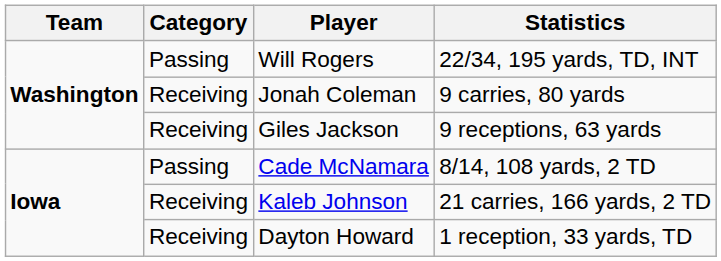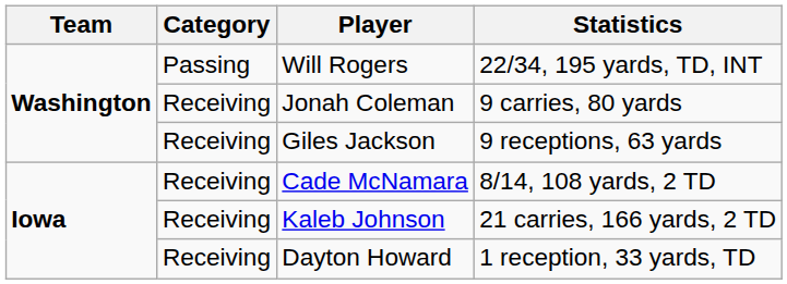 <table class="wikitable" style="float: right;">
 <tr>
 <th>Team</th>
 <th>Category</th>
 <th>Player</th>
 <th>Statistics</th>
 </tr>
 <tr>
 <td rowspan=3><strong>Washington</strong></td>
 <td>Passing</td>
 <td>Will Rogers</td>
 <td>22/34, 195 yards, TD, INT</td>
 </tr>
 <tr>
 <td>Receiving</td>
 <td>Jonah Coleman</td>
 <td>9 carries, 80 yards</td>
 </tr>
 <tr>
 <td>Receiving</td>
 <td>Giles Jackson</td>
 <td>9 receptions, 63 yards</td>
 </tr>
 <tr>
 <td rowspan=3><strong>Iowa</strong></td>
-<td>Passing</td>
+<td>Receiving</td>
 <td><a href='#'>Cade McNamara</a></td>
 <td>8/14, 108 yards, 2 TD</td>
 </tr>
 <tr>
 <td>Receiving</td>
 <td><a href='#'>Kaleb Johnson</a></td>
 <td>21 carries, 166 yards, 2 TD</td>
 </tr>
 <tr>
 <td>Receiving</td>
 <td>Dayton Howard</td>
 <td>1 reception, 33 yards, TD</td>
 </tr>
 </table>
